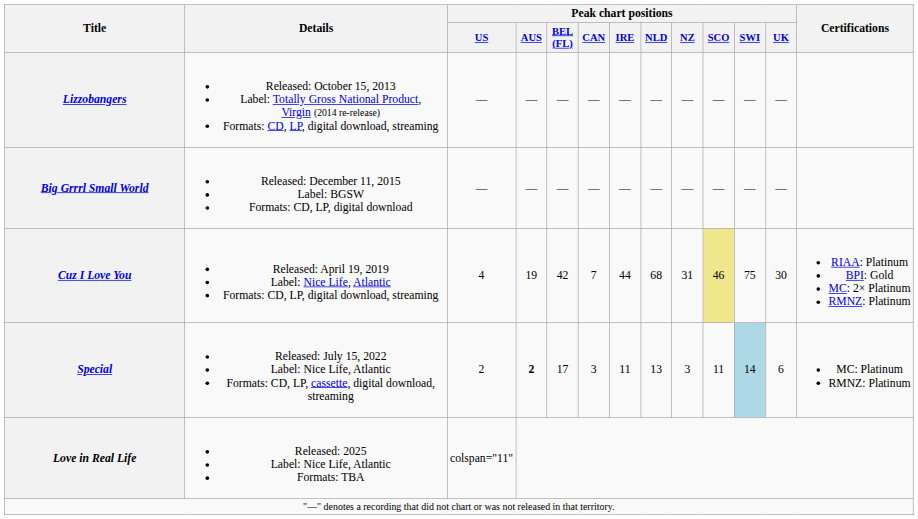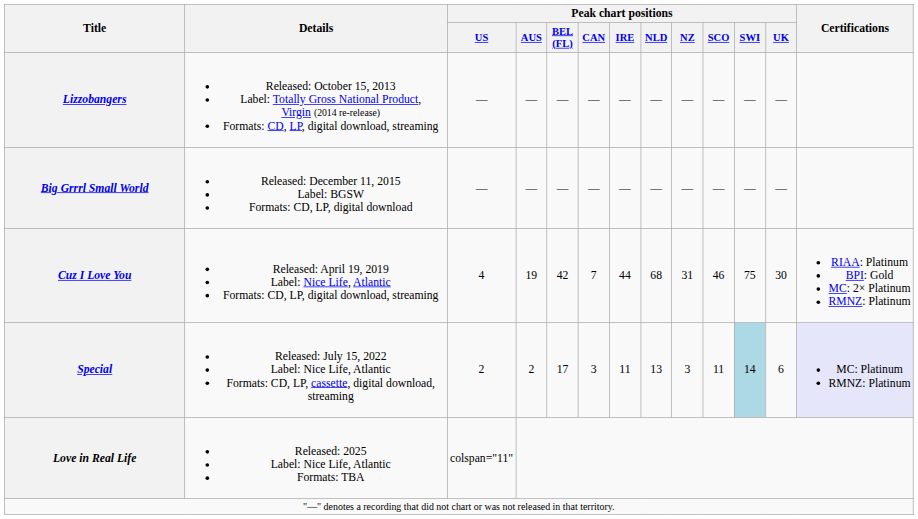 <table class="wikitable plainrowheaders" style="text-align:center;">
 <tr>
 <th scope="col" rowspan="2" style="width:15em;">Title</th>
 <th scope="col" rowspan="2" style="width:22em;">Details</th>
 <th scope="col" colspan="10">Peak chart positions</th>
 <th scope="col" rowspan="2">Certifications</th>
 </tr>
 <tr>
 <th scope="col" style="width:2.5em;font-size:90%;"><a href='#'>US</a><br></th>
 <th scope="col" style="width:2.5em;font-size:90%;"><a href='#'>AUS</a><br></th>
 <th scope="col" style="width:2.5em;font-size:90%;"><a href='#'>BEL<br>(FL)</a><br></th>
 <th scope="col" style="width:2.5em;font-size:90%;"><a href='#'>CAN</a><br></th>
 <th scope="col" style="width:2.5em;font-size:90%;"><a href='#'>IRE</a><br></th>
 <th scope="col" style="width:2.5em;font-size:90%;"><a href='#'>NLD</a><br></th>
 <th scope="col" style="width:2.5em;font-size:90%;"><a href='#'>NZ</a><br></th>
 <th scope="col" style="width:2.5em;font-size:90%;"><a href='#'>SCO</a><br></th>
 <th scope="col" style="width:2.5em;font-size:90%;"><a href='#'>SWI</a><br></th>
 <th scope="col" style="width:2.5em;font-size:90%;"><a href='#'>UK</a><br></th>
 </tr>
 <tr>
 <th scope="row"><em><a href='#'>Lizzobangers</a></em></th>
 <td><br><ul><li>Released: October 15, 2013</li><li>Label: <a href='#'>Totally Gross National Product</a>,<br><a href='#'>Virgin</a> <small>(2014 re-release)</small></li><li>Formats: <a href='#'>CD</a>, <a href='#'>LP</a>, digital download, streaming</li></ul></td>
 <td>—</td>
 <td>—</td>
 <td>—</td>
 <td>—</td>
 <td>—</td>
 <td>—</td>
 <td>—</td>
 <td>—</td>
 <td>—</td>
 <td>—</td>
 <td></td>
 </tr>
 <tr>
 <th scope="row"><em><a href='#'>Big Grrrl Small World</a></em></th>
 <td><br><ul><li>Released: December 11, 2015</li><li>Label: BGSW</li><li>Formats: CD, LP, digital download</li></ul></td>
 <td>—</td>
 <td>—</td>
 <td>—</td>
 <td>—</td>
 <td>—</td>
 <td>—</td>
 <td>—</td>
 <td>—</td>
 <td>—</td>
 <td>—</td>
 <td></td>
 </tr>
 <tr>
 <th scope="row"><em><a href='#'>Cuz I Love You</a></em></th>
 <td><br><ul><li>Released: April 19, 2019</li><li>Label: <a href='#'>Nice Life</a>, <a href='#'>Atlantic</a></li><li>Formats: CD, LP, digital download, streaming</li></ul></td>
 <td>4</td>
 <td>19</td>
 <td>42</td>
 <td>7</td>
 <td>44</td>
 <td>68</td>
 <td>31</td>
-<td style="background: khaki;">46</td>
+<td>46</td>
 <td>75</td>
 <td>30</td>
 <td><br><ul><li><a href='#'>RIAA</a>: Platinum</li><li><a href='#'>BPI</a>: Gold</li><li><a href='#'>MC</a>: 2× Platinum</li><li><a href='#'>RMNZ</a>: Platinum</li></ul></td>
 </tr>
 <tr>
 <th scope="row"><em><a href='#'>Special</a></em></th>
 <td><br><ul><li>Released: July 15, 2022</li><li>Label: Nice Life, Atlantic</li><li>Formats: CD, LP, <a href='#'>cassette</a>, digital download, streaming</li></ul></td>
 <td>2</td>
-<td><strong>2</strong></td>
+<td>2</td>
 <td>17</td>
 <td>3</td>
 <td>11</td>
 <td>13</td>
 <td>3</td>
 <td>11</td>
 <td style="background: lightblue;">14</td>
 <td>6</td>
-<td><br><ul><li>MC: Platinum</li><li>RMNZ: Platinum</li></ul></td>
+<td style="background: lavender;"><br><ul><li>MC: Platinum</li><li>RMNZ: Platinum</li></ul></td>
 </tr>
 <tr>
 <th scope="row"><em>Love in Real Life</em></th>
 <td><br><ul><li>Released: 2025</li><li>Label: Nice Life, Atlantic</li><li>Formats: TBA</li></ul></td>
 <td>colspan="11" </td>
 </tr>
 <tr>
 <td colspan="14" style="font-size:85%">"—" denotes a recording that did not chart or was not released in that territory.</td>
 </tr>
 </table>
